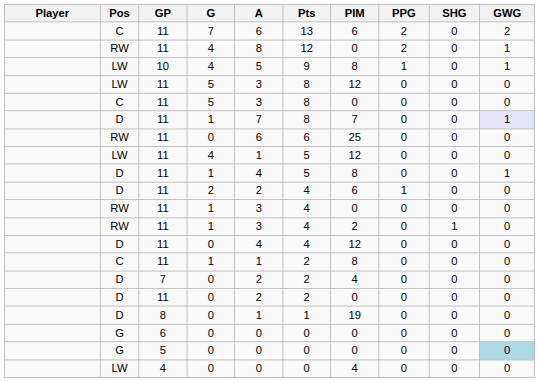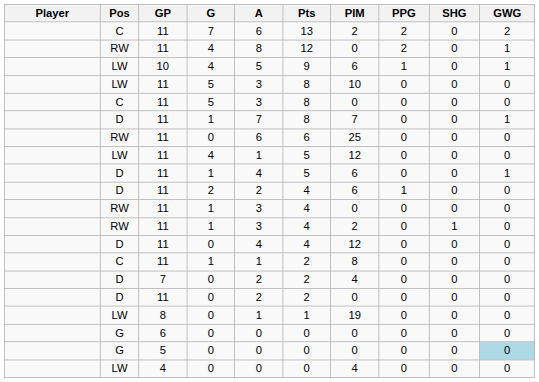 <table class="wikitable sortable" width="60%">
 <tr ALIGN="center">
 <th bgcolor="#DDDDFF" width="10%">Player</th>
 <th bgcolor="#DDDDFF" width="3%" title="Position">Pos</th>
 <th bgcolor="#DDDDFF" width="5%" title="Games played">GP</th>
 <th bgcolor="#DDDDFF" width="5%" title="Goals">G</th>
 <th bgcolor="#DDDDFF" width="5%" title="Assists">A</th>
 <th bgcolor="#DDDDFF" width="5%" title="Points">Pts</th>
 <th bgcolor="#DDDDFF" width="5%" title="Penalties in Minutes">PIM</th>
 <th bgcolor="#DDDDFF" width="5%" title="Power play goals">PPG</th>
 <th bgcolor="#DDDDFF" width="5%" title="Short-handed goals">SHG</th>
 <th bgcolor="#DDDDFF" width="5%" title="Game-winning goals">GWG</th>
 </tr>
 <tr align="center">
 <td align="right"></td>
 <td>C</td>
 <td>11</td>
 <td>7</td>
 <td>6</td>
 <td>13</td>
-<td>6</td>
+<td>2</td>
 <td>2</td>
 <td>0</td>
 <td>2</td>
 </tr>
 <tr align="center">
 <td align="right"></td>
 <td>RW</td>
 <td>11</td>
 <td>4</td>
 <td>8</td>
 <td>12</td>
 <td>0</td>
 <td>2</td>
 <td>0</td>
 <td>1</td>
 </tr>
 <tr align="center">
 <td align="right"></td>
 <td>LW</td>
 <td>10</td>
 <td>4</td>
 <td>5</td>
 <td>9</td>
-<td>8</td>
+<td>6</td>
 <td>1</td>
 <td>0</td>
 <td>1</td>
 </tr>
 <tr align="center">
 <td align="right"></td>
 <td>LW</td>
 <td>11</td>
 <td>5</td>
 <td>3</td>
 <td>8</td>
-<td>12</td>
+<td>10</td>
 <td>0</td>
 <td>0</td>
 <td>0</td>
 </tr>
 <tr align="center">
 <td align="right"></td>
 <td>C</td>
 <td>11</td>
 <td>5</td>
 <td>3</td>
 <td>8</td>
 <td>0</td>
 <td>0</td>
 <td>0</td>
 <td>0</td>
 </tr>
 <tr align="center">
 <td align="right"></td>
 <td>D</td>
 <td>11</td>
 <td>1</td>
 <td>7</td>
 <td>8</td>
 <td>7</td>
 <td>0</td>
 <td>0</td>
-<td style="background: lavender;">1</td>
+<td>1</td>
 </tr>
 <tr align="center">
 <td align="right"></td>
 <td>RW</td>
 <td>11</td>
 <td>0</td>
 <td>6</td>
 <td>6</td>
 <td>25</td>
 <td>0</td>
 <td>0</td>
 <td>0</td>
 </tr>
 <tr align="center">
 <td align="right"></td>
 <td>LW</td>
 <td>11</td>
 <td>4</td>
 <td>1</td>
 <td>5</td>
 <td>12</td>
 <td>0</td>
 <td>0</td>
 <td>0</td>
 </tr>
 <tr align="center">
 <td align="right"></td>
 <td>D</td>
 <td>11</td>
 <td>1</td>
 <td>4</td>
 <td>5</td>
-<td>8</td>
+<td>6</td>
 <td>0</td>
 <td>0</td>
 <td>1</td>
 </tr>
 <tr align="center">
 <td align="right"></td>
 <td>D</td>
 <td>11</td>
 <td>2</td>
 <td>2</td>
 <td>4</td>
 <td>6</td>
 <td>1</td>
 <td>0</td>
 <td>0</td>
 </tr>
 <tr align="center">
 <td align="right"></td>
 <td>RW</td>
 <td>11</td>
 <td>1</td>
 <td>3</td>
 <td>4</td>
 <td>0</td>
 <td>0</td>
 <td>0</td>
 <td>0</td>
 </tr>
 <tr align="center">
 <td align="right"></td>
 <td>RW</td>
 <td>11</td>
 <td>1</td>
 <td>3</td>
 <td>4</td>
 <td>2</td>
 <td>0</td>
 <td>1</td>
 <td>0</td>
 </tr>
 <tr align="center">
 <td align="right"></td>
 <td>D</td>
 <td>11</td>
 <td>0</td>
 <td>4</td>
 <td>4</td>
 <td>12</td>
 <td>0</td>
 <td>0</td>
 <td>0</td>
 </tr>
 <tr align="center">
 <td align="right"></td>
 <td>C</td>
 <td>11</td>
 <td>1</td>
 <td>1</td>
 <td>2</td>
 <td>8</td>
 <td>0</td>
 <td>0</td>
 <td>0</td>
 </tr>
 <tr align="center">
 <td align="right"></td>
 <td>D</td>
 <td>7</td>
 <td>0</td>
 <td>2</td>
 <td>2</td>
 <td>4</td>
 <td>0</td>
 <td>0</td>
 <td>0</td>
 </tr>
 <tr align="center">
 <td align="right"></td>
 <td>D</td>
 <td>11</td>
 <td>0</td>
 <td>2</td>
 <td>2</td>
 <td>0</td>
 <td>0</td>
 <td>0</td>
 <td>0</td>
 </tr>
 <tr align="center">
 <td align="right"></td>
-<td>D</td>
+<td>LW</td>
 <td>8</td>
 <td>0</td>
 <td>1</td>
 <td>1</td>
 <td>19</td>
 <td>0</td>
 <td>0</td>
 <td>0</td>
 </tr>
 <tr align="center">
 <td align="right"></td>
 <td>G</td>
 <td>6</td>
 <td>0</td>
 <td>0</td>
 <td>0</td>
 <td>0</td>
 <td>0</td>
 <td>0</td>
 <td>0</td>
 </tr>
 <tr align="center">
 <td align="right"></td>
 <td>G</td>
 <td>5</td>
 <td>0</td>
 <td>0</td>
 <td>0</td>
 <td>0</td>
 <td>0</td>
 <td>0</td>
 <td style="background: lightblue;">0</td>
 </tr>
 <tr align="center">
 <td align="right"></td>
 <td>LW</td>
 <td>4</td>
 <td>0</td>
 <td>0</td>
 <td>0</td>
 <td>4</td>
 <td>0</td>
 <td>0</td>
 <td>0</td>
 </tr>
 </table>
